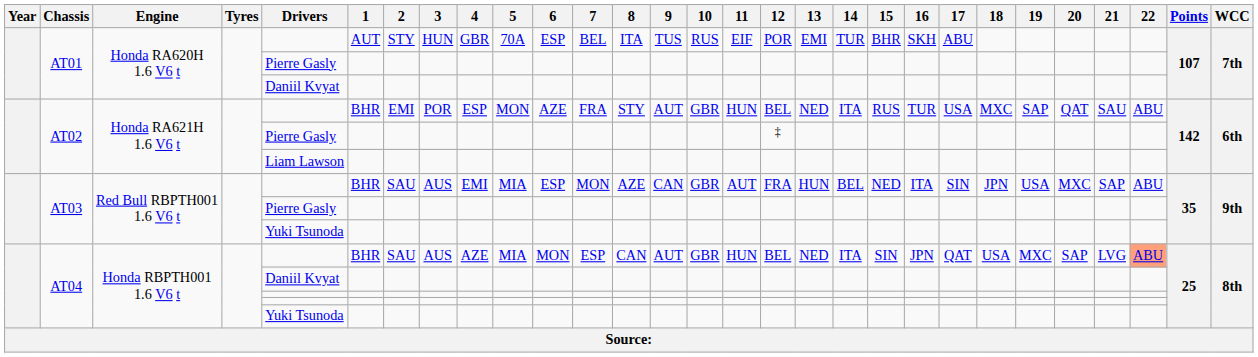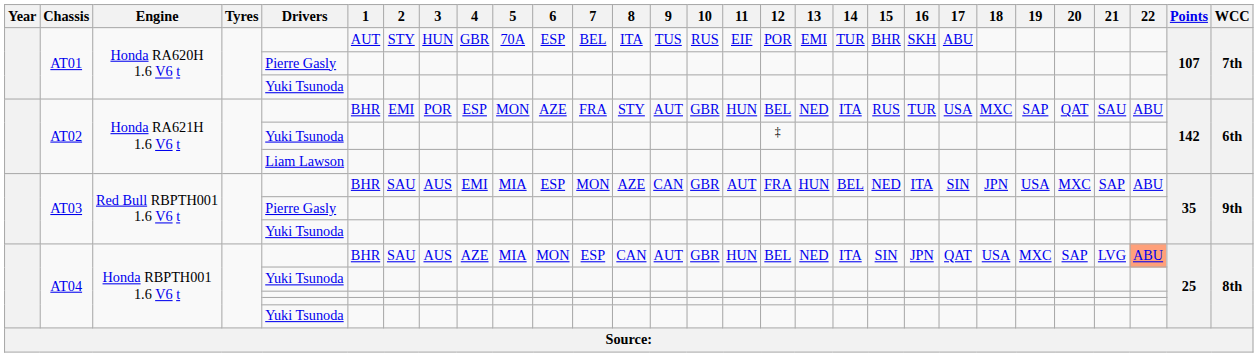 <table class="wikitable" style="text-align:center; font-size:85%">
 <tr>
 <th>Year</th>
 <th>Chassis</th>
 <th>Engine</th>
 <th>Tyres</th>
 <th>Drivers</th>
 <th>1</th>
 <th>2</th>
 <th>3</th>
 <th>4</th>
 <th>5</th>
 <th>6</th>
 <th>7</th>
 <th>8</th>
 <th>9</th>
 <th>10</th>
 <th>11</th>
 <th>12</th>
 <th>13</th>
 <th>14</th>
 <th>15</th>
 <th>16</th>
 <th>17</th>
 <th>18</th>
 <th>19</th>
 <th>20</th>
 <th>21</th>
 <th>22</th>
 <th><a href='#'>Points</a></th>
 <th>WCC</th>
 </tr>
 <tr>
 <th rowspan="3"></th>
 <td rowspan="3"><a href='#'>AT01</a></td>
 <td rowspan="3"><a href='#'>Honda</a> RA620H<br>1.6 <a href='#'>V6</a> <a href='#'>t</a></td>
 <td rowspan="3"></td>
 <td></td>
 <td><a href='#'>AUT</a></td>
 <td><a href='#'>STY</a></td>
 <td><a href='#'>HUN</a></td>
 <td><a href='#'>GBR</a></td>
 <td><a href='#'>70A</a></td>
 <td><a href='#'>ESP</a></td>
 <td><a href='#'>BEL</a></td>
 <td><a href='#'>ITA</a></td>
 <td><a href='#'>TUS</a></td>
 <td><a href='#'>RUS</a></td>
 <td><a href='#'>EIF</a></td>
 <td><a href='#'>POR</a></td>
 <td><a href='#'>EMI</a></td>
 <td><a href='#'>TUR</a></td>
 <td><a href='#'>BHR</a></td>
 <td><a href='#'>SKH</a></td>
 <td><a href='#'>ABU</a></td>
 <td></td>
 <td></td>
 <td></td>
 <td></td>
 <td></td>
 <th rowspan="3">107</th>
 <th rowspan="3">7th</th>
 </tr>
 <tr>
 <td align="left"> <a href='#'>Pierre Gasly</a></td>
 <td></td>
 <td></td>
 <td></td>
 <td></td>
 <td></td>
 <td></td>
 <td></td>
 <td></td>
 <td></td>
 <td></td>
 <td></td>
 <td></td>
 <td></td>
 <td></td>
 <td></td>
 <td></td>
 <td></td>
 <td></td>
 <td></td>
 <td></td>
 <td></td>
 <td></td>
 </tr>
 <tr>
-<td align="left"> <a href='#'>Daniil Kvyat</a></td>
+<td nowrap align="left"> <a href='#'>Yuki Tsunoda</a></td>
 <td></td>
 <td></td>
 <td></td>
 <td></td>
 <td></td>
 <td></td>
 <td></td>
 <td></td>
 <td></td>
 <td></td>
 <td></td>
 <td></td>
 <td></td>
 <td></td>
 <td></td>
 <td></td>
 <td></td>
 <td></td>
 <td></td>
 <td></td>
 <td></td>
 <td></td>
 </tr>
 <tr>
 <th rowspan="3"></th>
 <td rowspan="3"><a href='#'>AT02</a></td>
 <td rowspan="3"><a href='#'>Honda</a> RA621H<br>1.6 <a href='#'>V6</a> <a href='#'>t</a></td>
 <td rowspan="3"></td>
 <td></td>
 <td><a href='#'>BHR</a></td>
 <td><a href='#'>EMI</a></td>
 <td><a href='#'>POR</a></td>
 <td><a href='#'>ESP</a></td>
 <td><a href='#'>MON</a></td>
 <td><a href='#'>AZE</a></td>
 <td><a href='#'>FRA</a></td>
 <td><a href='#'>STY</a></td>
 <td><a href='#'>AUT</a></td>
 <td><a href='#'>GBR</a></td>
 <td><a href='#'>HUN</a></td>
 <td><a href='#'>BEL</a></td>
 <td><a href='#'>NED</a></td>
 <td><a href='#'>ITA</a></td>
 <td><a href='#'>RUS</a></td>
 <td><a href='#'>TUR</a></td>
 <td><a href='#'>USA</a></td>
 <td><a href='#'>MXC</a></td>
 <td><a href='#'>SAP</a></td>
 <td><a href='#'>QAT</a></td>
 <td><a href='#'>SAU</a></td>
 <td><a href='#'>ABU</a></td>
 <th rowspan="3">142</th>
 <th rowspan="3">6th</th>
 </tr>
 <tr>
-<td align="left"> <a href='#'>Pierre Gasly</a></td>
+<td align=left> <a href='#'>Yuki Tsunoda</a></td>
 <td></td>
 <td></td>
 <td></td>
 <td></td>
 <td></td>
 <td></td>
 <td></td>
 <td></td>
 <td></td>
 <td></td>
 <td></td>
 <td><sup>‡</sup></td>
 <td></td>
 <td></td>
 <td></td>
 <td></td>
 <td></td>
 <td></td>
 <td></td>
 <td></td>
 <td></td>
 <td></td>
 </tr>
 <tr>
 <td align="left"> <a href='#'>Liam Lawson</a></td>
 <td></td>
 <td></td>
 <td></td>
 <td></td>
 <td></td>
 <td></td>
 <td></td>
 <td></td>
 <td></td>
 <td></td>
 <td></td>
 <td></td>
 <td></td>
 <td></td>
 <td></td>
 <td></td>
 <td></td>
 <td></td>
 <td></td>
 <td></td>
 <td></td>
 <td></td>
 </tr>
 <tr>
 <th rowspan="3"></th>
 <td rowspan="3"><a href='#'>AT03</a></td>
 <td rowspan="3"><a href='#'>Red Bull</a> RBPTH001<br>1.6 <a href='#'>V6</a> <a href='#'>t</a></td>
 <td rowspan="3"></td>
 <td></td>
 <td><a href='#'>BHR</a></td>
 <td><a href='#'>SAU</a></td>
 <td><a href='#'>AUS</a></td>
 <td><a href='#'>EMI</a></td>
 <td><a href='#'>MIA</a></td>
 <td><a href='#'>ESP</a></td>
 <td><a href='#'>MON</a></td>
 <td><a href='#'>AZE</a></td>
 <td><a href='#'>CAN</a></td>
 <td><a href='#'>GBR</a></td>
 <td><a href='#'>AUT</a></td>
 <td><a href='#'>FRA</a></td>
 <td><a href='#'>HUN</a></td>
 <td><a href='#'>BEL</a></td>
 <td><a href='#'>NED</a></td>
 <td><a href='#'>ITA</a></td>
 <td><a href='#'>SIN</a></td>
 <td><a href='#'>JPN</a></td>
 <td><a href='#'>USA</a></td>
 <td><a href='#'>MXC</a></td>
 <td><a href='#'>SAP</a></td>
 <td><a href='#'>ABU</a></td>
 <th rowspan="3">35</th>
 <th rowspan="3">9th</th>
 </tr>
 <tr>
 <td align="left"> <a href='#'>Pierre Gasly</a></td>
 <td></td>
 <td></td>
 <td></td>
 <td></td>
 <td></td>
 <td></td>
 <td></td>
 <td></td>
 <td></td>
 <td></td>
 <td></td>
 <td></td>
 <td></td>
 <td></td>
 <td></td>
 <td></td>
 <td></td>
 <td></td>
 <td></td>
 <td></td>
 <td></td>
 <td></td>
 </tr>
 <tr>
 <td nowrap align="left"> <a href='#'>Yuki Tsunoda</a></td>
 <td></td>
 <td></td>
 <td></td>
 <td></td>
 <td></td>
 <td></td>
 <td></td>
 <td></td>
 <td></td>
 <td></td>
 <td></td>
 <td></td>
 <td></td>
 <td></td>
 <td></td>
 <td></td>
 <td></td>
 <td></td>
 <td></td>
 <td></td>
 <td></td>
 <td></td>
 </tr>
 <tr>
 <th rowspan="5"></th>
 <td rowspan="5"><a href='#'>AT04</a></td>
 <td rowspan="5"><a href='#'>Honda</a> RBPTH001<br>1.6 <a href='#'>V6</a> <a href='#'>t</a></td>
 <td rowspan="5"></td>
 <td></td>
 <td><a href='#'>BHR</a></td>
 <td><a href='#'>SAU</a></td>
 <td><a href='#'>AUS</a></td>
 <td><a href='#'>AZE</a></td>
 <td><a href='#'>MIA</a></td>
 <td><a href='#'>MON</a></td>
 <td><a href='#'>ESP</a></td>
 <td><a href='#'>CAN</a></td>
 <td><a href='#'>AUT</a></td>
 <td><a href='#'>GBR</a></td>
 <td><a href='#'>HUN</a></td>
 <td><a href='#'>BEL</a></td>
 <td><a href='#'>NED</a></td>
 <td><a href='#'>ITA</a></td>
 <td><a href='#'>SIN</a></td>
 <td><a href='#'>JPN</a></td>
 <td><a href='#'>QAT</a></td>
 <td><a href='#'>USA</a></td>
 <td><a href='#'>MXC</a></td>
 <td><a href='#'>SAP</a></td>
 <td><a href='#'>LVG</a></td>
 <td style="background: lightsalmon;"><a href='#'>ABU</a></td>
 <th rowspan="5">25</th>
 <th rowspan="5">8th</th>
 </tr>
 <tr>
-<td align="left"> <a href='#'>Daniil Kvyat</a></td>
+<td align=left> <a href='#'>Yuki Tsunoda</a></td>
 <td></td>
 <td></td>
 <td></td>
 <td></td>
 <td></td>
 <td></td>
 <td></td>
 <td></td>
 <td></td>
 <td></td>
 <td></td>
 <td></td>
 <td></td>
 <td></td>
 <td></td>
 <td></td>
 <td></td>
 <td></td>
 <td></td>
 <td></td>
 <td></td>
 <td></td>
 </tr>
 <tr>
 <td align="left"></td>
 <td></td>
 <td></td>
 <td></td>
 <td></td>
 <td></td>
 <td></td>
 <td></td>
 <td></td>
 <td></td>
 <td></td>
 <td></td>
 <td></td>
 <td></td>
 <td></td>
 <td></td>
 <td></td>
 <td></td>
 <td></td>
 <td></td>
 <td></td>
 <td></td>
 <td></td>
 </tr>
 <tr>
 <td align="left"></td>
 <td></td>
 <td></td>
 <td></td>
 <td></td>
 <td></td>
 <td></td>
 <td></td>
 <td></td>
 <td></td>
 <td></td>
 <td></td>
 <td></td>
 <td></td>
 <td></td>
 <td></td>
 <td></td>
 <td></td>
 <td></td>
 <td></td>
 <td></td>
 <td></td>
 <td></td>
 </tr>
 <tr>
 <td nowrap align="left"> <a href='#'>Yuki Tsunoda</a></td>
 <td></td>
 <td></td>
 <td></td>
 <td></td>
 <td></td>
 <td></td>
 <td></td>
 <td></td>
 <td></td>
 <td></td>
 <td></td>
 <td></td>
 <td></td>
 <td></td>
 <td></td>
 <td></td>
 <td></td>
 <td></td>
 <td></td>
 <td></td>
 <td></td>
 <td></td>
 </tr>
 <tr>
 <th colspan="29">Source:</th>
 </tr>
 </table>
